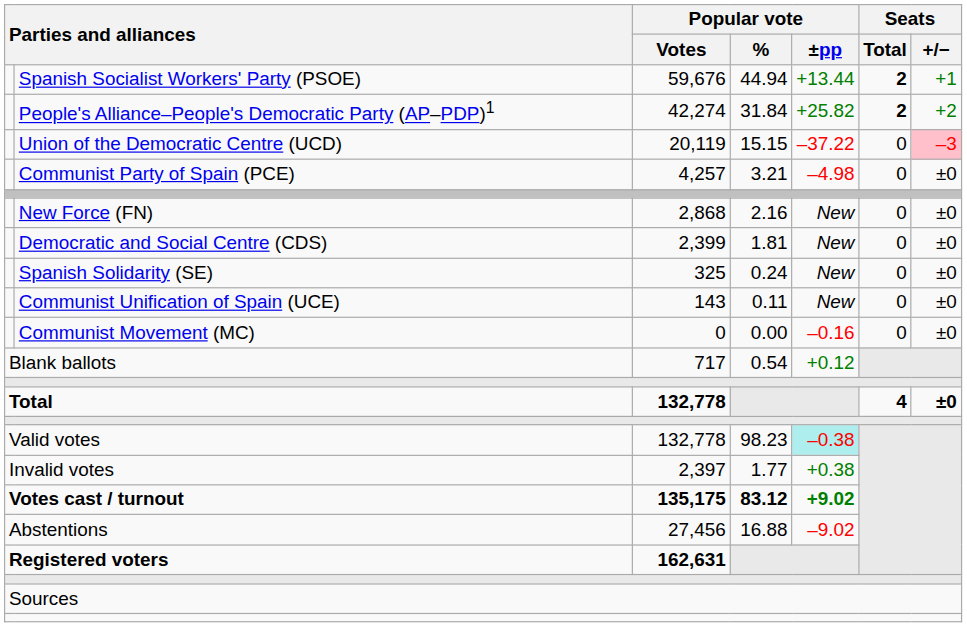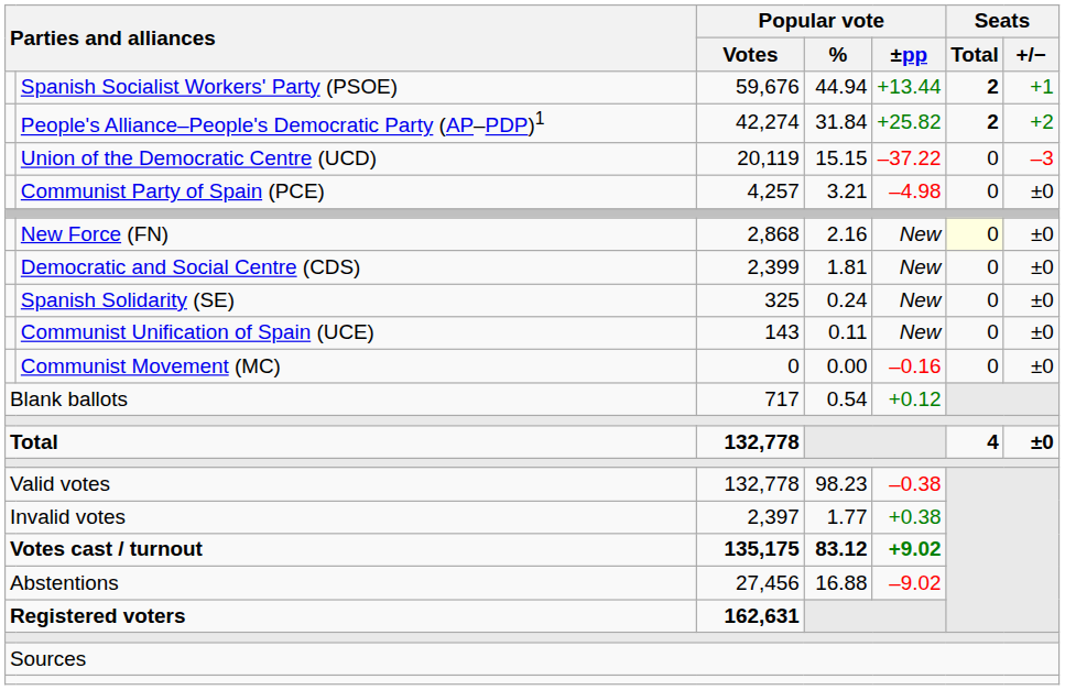 <table class="wikitable" style="text-align:right;">
 <tr>
 <th style="text-align:left;" rowspan="2" colspan="2" width="525">Parties and alliances</th>
 <th colspan="3">Popular vote</th>
 <th colspan="2">Seats</th>
 </tr>
 <tr>
 <th width="75">Votes</th>
 <th width="45">%</th>
 <th width="45">±<a href='#'>pp</a></th>
 <th width="35">Total</th>
 <th width="35">+/−</th>
 </tr>
 <tr>
 <td width="1" style="color:inherit;background:"></td>
 <td align="left"><a href='#'>Spanish Socialist Workers' Party</a> (PSOE)</td>
 <td>59,676</td>
 <td>44.94</td>
 <td style="color:green;">+13.44</td>
 <td><strong>2</strong></td>
 <td style="color:green;">+1</td>
 </tr>
 <tr>
 <td style="color:inherit;background:"></td>
 <td align="left"><a href='#'>People's Alliance–People's Democratic Party</a> (<a href='#'>AP</a>–<a href='#'>PDP</a>)<sup>1</sup></td>
 <td>42,274</td>
 <td>31.84</td>
 <td style="color:green;">+25.82</td>
 <td><strong>2</strong></td>
 <td style="color:green;">+2</td>
 </tr>
 <tr>
 <td style="color:inherit;background:"></td>
 <td align="left"><a href='#'>Union of the Democratic Centre</a> (UCD)</td>
 <td>20,119</td>
 <td>15.15</td>
 <td style="color:red;">–37.22</td>
 <td>0</td>
-<td style="background: pink; color:red;">–3</td>
+<td style="color:red;">–3</td>
 </tr>
 <tr>
 <td style="color:inherit;background:"></td>
 <td align="left"><a href='#'>Communist Party of Spain</a> (PCE)</td>
 <td>4,257</td>
 <td>3.21</td>
 <td style="color:red;">–4.98</td>
 <td>0</td>
 <td>±0</td>
 </tr>
 <tr>
 <td colspan="7" bgcolor="#C0C0C0"></td>
 </tr>
 <tr>
 <td style="color:inherit;background:"></td>
 <td align="left"><a href='#'>New Force</a> (FN)</td>
 <td>2,868</td>
 <td>2.16</td>
 <td><em>New</em></td>
-<td>0</td>
+<td style="background: lightyellow;">0</td>
 <td>±0</td>
 </tr>
 <tr>
 <td style="color:inherit;background:"></td>
 <td align="left"><a href='#'>Democratic and Social Centre</a> (CDS)</td>
 <td>2,399</td>
 <td>1.81</td>
 <td><em>New</em></td>
 <td>0</td>
 <td>±0</td>
 </tr>
 <tr>
 <td style="color:inherit;background:"></td>
 <td align="left"><a href='#'>Spanish Solidarity</a> (SE)</td>
 <td>325</td>
 <td>0.24</td>
 <td><em>New</em></td>
 <td>0</td>
 <td>±0</td>
 </tr>
 <tr>
 <td style="color:inherit;background:"></td>
 <td align="left"><a href='#'>Communist Unification of Spain</a> (UCE)</td>
 <td>143</td>
 <td>0.11</td>
 <td><em>New</em></td>
 <td>0</td>
 <td>±0</td>
 </tr>
 <tr>
 <td style="color:inherit;background:"></td>
 <td align="left"><a href='#'>Communist Movement</a> (MC)</td>
 <td>0</td>
 <td>0.00</td>
 <td style="color:red;">–0.16</td>
 <td>0</td>
 <td>±0</td>
 </tr>
 <tr>
 <td align="left" colspan="2">Blank ballots</td>
 <td>717</td>
 <td>0.54</td>
 <td style="color:green;">+0.12</td>
 <td bgcolor="#E9E9E9" colspan="2"></td>
 </tr>
 <tr>
 <td colspan="7" bgcolor="#E9E9E9"></td>
 </tr>
 <tr style="font-weight:bold;">
 <td align="left" colspan="2">Total</td>
 <td>132,778</td>
 <td bgcolor="#E9E9E9" colspan="2"></td>
 <td>4</td>
 <td>±0</td>
 </tr>
 <tr>
 <td colspan="7" bgcolor="#E9E9E9"></td>
 </tr>
 <tr>
 <td align="left" colspan="2">Valid votes</td>
 <td>132,778</td>
 <td>98.23</td>
-<td style="background: paleturquoise; color:red;">–0.38</td>
+<td style="color:red;">–0.38</td>
 <td bgcolor="#E9E9E9" colspan="2" rowspan="5"></td>
 </tr>
 <tr>
 <td align="left" colspan="2">Invalid votes</td>
 <td>2,397</td>
 <td>1.77</td>
 <td style="color:green;">+0.38</td>
 </tr>
 <tr style="font-weight:bold;">
 <td align="left" colspan="2">Votes cast / turnout</td>
 <td>135,175</td>
 <td>83.12</td>
 <td style="color:green;">+9.02</td>
 </tr>
 <tr>
 <td align="left" colspan="2">Abstentions</td>
 <td>27,456</td>
 <td>16.88</td>
 <td style="color:red;">–9.02</td>
 </tr>
 <tr style="font-weight:bold;">
 <td align="left" colspan="2">Registered voters</td>
 <td>162,631</td>
 <td bgcolor="#E9E9E9" colspan="2"></td>
 </tr>
 <tr>
 <td colspan="7" bgcolor="#E9E9E9"></td>
 </tr>
 <tr>
 <td align="left" colspan="7">Sources</td>
 </tr>
 <tr>
 <td colspan="7" style="text-align:left; max-width:790px;"></td>
 </tr>
 </table>
